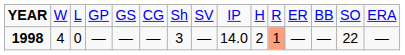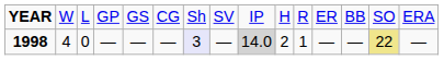 <table class="wikitable">
 <tr align=center>
 <td><strong>YEAR</strong></td>
 <td><a href='#'>W</a></td>
 <td><a href='#'>L</a></td>
 <td><a href='#'>GP</a></td>
 <td><a href='#'>GS</a></td>
 <td><a href='#'>CG</a></td>
 <td><a href='#'>Sh</a></td>
 <td><a href='#'>SV</a></td>
 <td><a href='#'>IP</a></td>
 <td><a href='#'>H</a></td>
 <td><a href='#'>R</a></td>
 <td><a href='#'>ER</a></td>
 <td><a href='#'>BB</a></td>
 <td><a href='#'>SO</a></td>
 <td><a href='#'>ERA</a></td>
 </tr>
 <tr align=center>
 <td><strong>1998</strong></td>
 <td>4</td>
 <td>0</td>
 <td>—</td>
 <td>—</td>
 <td>—</td>
-<td>3</td>
+<td style="background: lavender;">3</td>
 <td>—</td>
-<td>14.0</td>
+<td style="background: lightgrey;">14.0</td>
 <td>2</td>
-<td style="background: lightsalmon;">1</td>
+<td>1</td>
 <td>—</td>
 <td>—</td>
-<td>22</td>
+<td style="background: khaki;">22</td>
 <td>—</td>
 </tr>
 </table>
